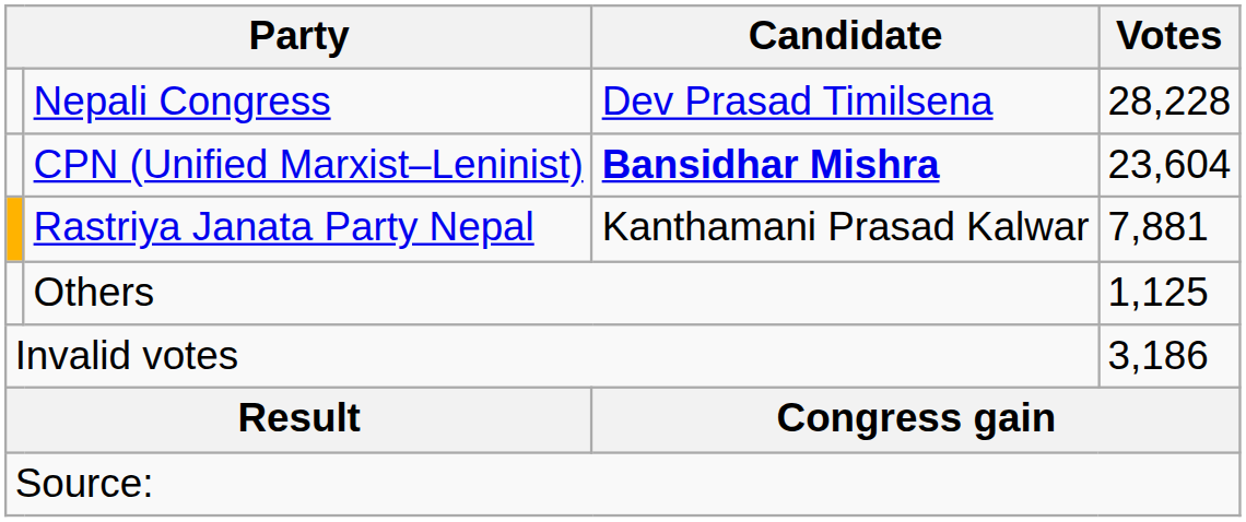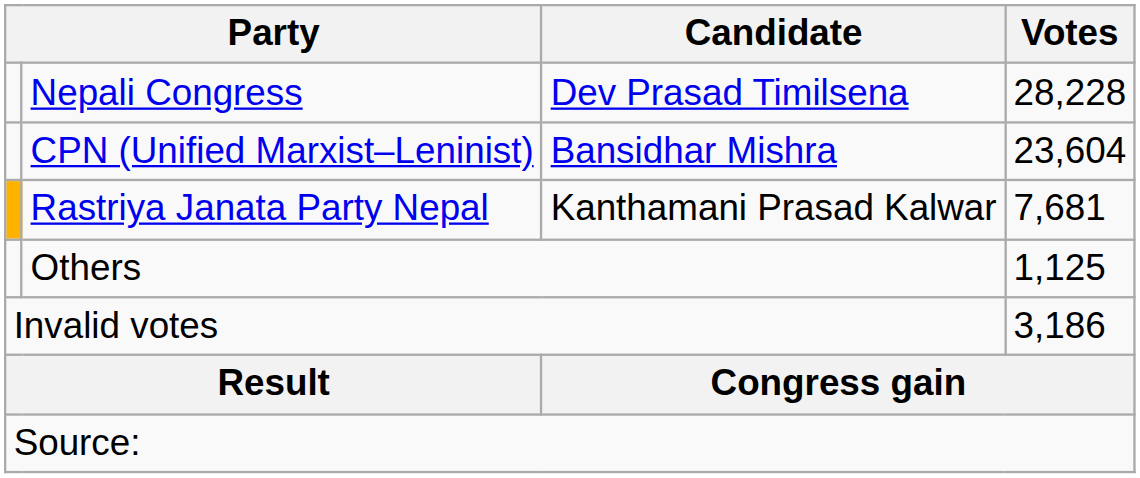 <table class="wikitable">
 <tr>
 <th colspan="2">Party</th>
 <th>Candidate</th>
 <th>Votes</th>
 </tr>
 <tr>
 <td style="background-color:"></td>
 <td><a href='#'>Nepali Congress</a></td>
 <td><a href='#'>Dev Prasad Timilsena</a></td>
 <td>28,228</td>
 </tr>
 <tr>
 <td style="background-color:"></td>
 <td><a href='#'>CPN (Unified Marxist–Leninist)</a></td>
-<td><strong><a href='#'>Bansidhar Mishra</a></strong></td>
+<td><a href='#'>Bansidhar Mishra</a></td>
 <td>23,604</td>
 </tr>
 <tr>
 <td style="background-color:#ffb300"></td>
 <td><a href='#'>Rastriya Janata Party Nepal</a></td>
 <td>Kanthamani Prasad Kalwar</td>
-<td>7,881</td>
+<td>7,681</td>
 </tr>
 <tr>
 <td></td>
 <td colspan="2">Others</td>
 <td>1,125</td>
 </tr>
 <tr>
 <td colspan="3">Invalid votes</td>
 <td>3,186</td>
 </tr>
 <tr>
 <th colspan="2">Result</th>
 <th colspan="2">Congress gain</th>
 </tr>
 <tr>
 <td colspan="4">Source: </td>
 </tr>
 </table>
